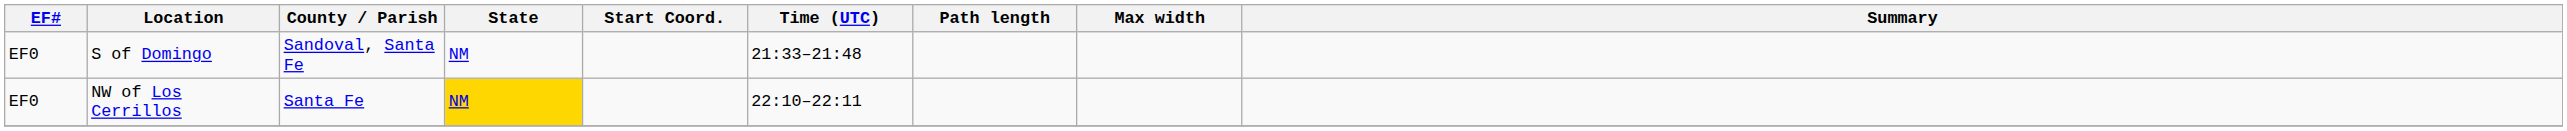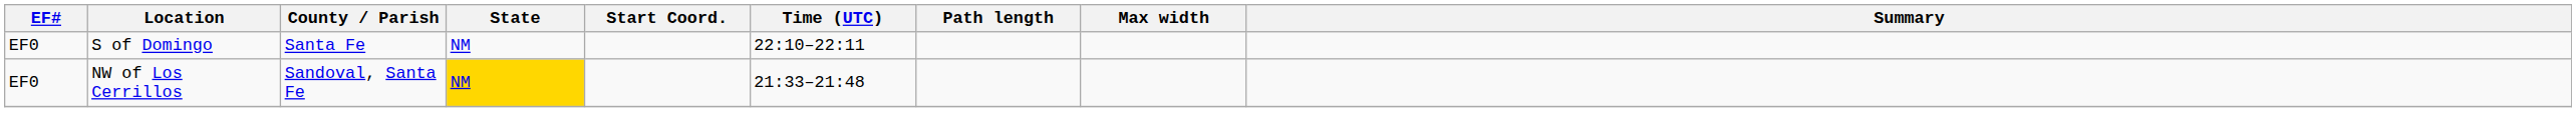 <table class="wikitable sortable" style="width:100%;">
 <tr>
 <th scope="col"  style="width:3%; text-align:center;"><a href='#'>EF#</a></th>
 <th scope="col"  style="width:7%; text-align:center;" class="unsortable">Location</th>
 <th scope="col"  style="width:6%; text-align:center;" class="unsortable">County / Parish</th>
 <th scope="col"  style="width:5%; text-align:center;">State</th>
 <th scope="col"  style="width:6%; text-align:center;">Start Coord.</th>
 <th scope="col"  style="width:6%; text-align:center;">Time (<a href='#'>UTC</a>)</th>
 <th scope="col"  style="width:6%; text-align:center;">Path length</th>
 <th scope="col"  style="width:6%; text-align:center;">Max width</th>
 <th scope="col" class="unsortable" style="width:48%; text-align:center;">Summary</th>
 </tr>
 <tr>
 <td>EF0</td>
 <td>S of <a href='#'>Domingo</a></td>
+<td><a href='#'>Santa Fe</a></td>
+<td><a href='#'>NM</a></td>
+<td></td>
+<td>22:10–22:11</td>
+<td></td>
+<td></td>
+<td></td>
+</tr>
+<tr>
+<td>EF0</td>
+<td>NW of <a href='#'>Los Cerrillos</a></td>
 <td><a href='#'>Sandoval</a>, <a href='#'>Santa Fe</a></td>
-<td><a href='#'>NM</a></td>
+<td style="background: gold;"><a href='#'>NM</a></td>
 <td></td>
 <td>21:33–21:48</td>
 <td></td>
 <td></td>
 <td></td>
 </tr>
 <tr>
-<td>EF0</td>
-<td>NW of <a href='#'>Los Cerrillos</a></td>
-<td><a href='#'>Santa Fe</a></td>
-<td style="background: gold;"><a href='#'>NM</a></td>
-<td></td>
-<td>22:10–22:11</td>
-<td></td>
-<td></td>
-<td></td>
-</tr>
-<tr>
 </tr>
 </table>
